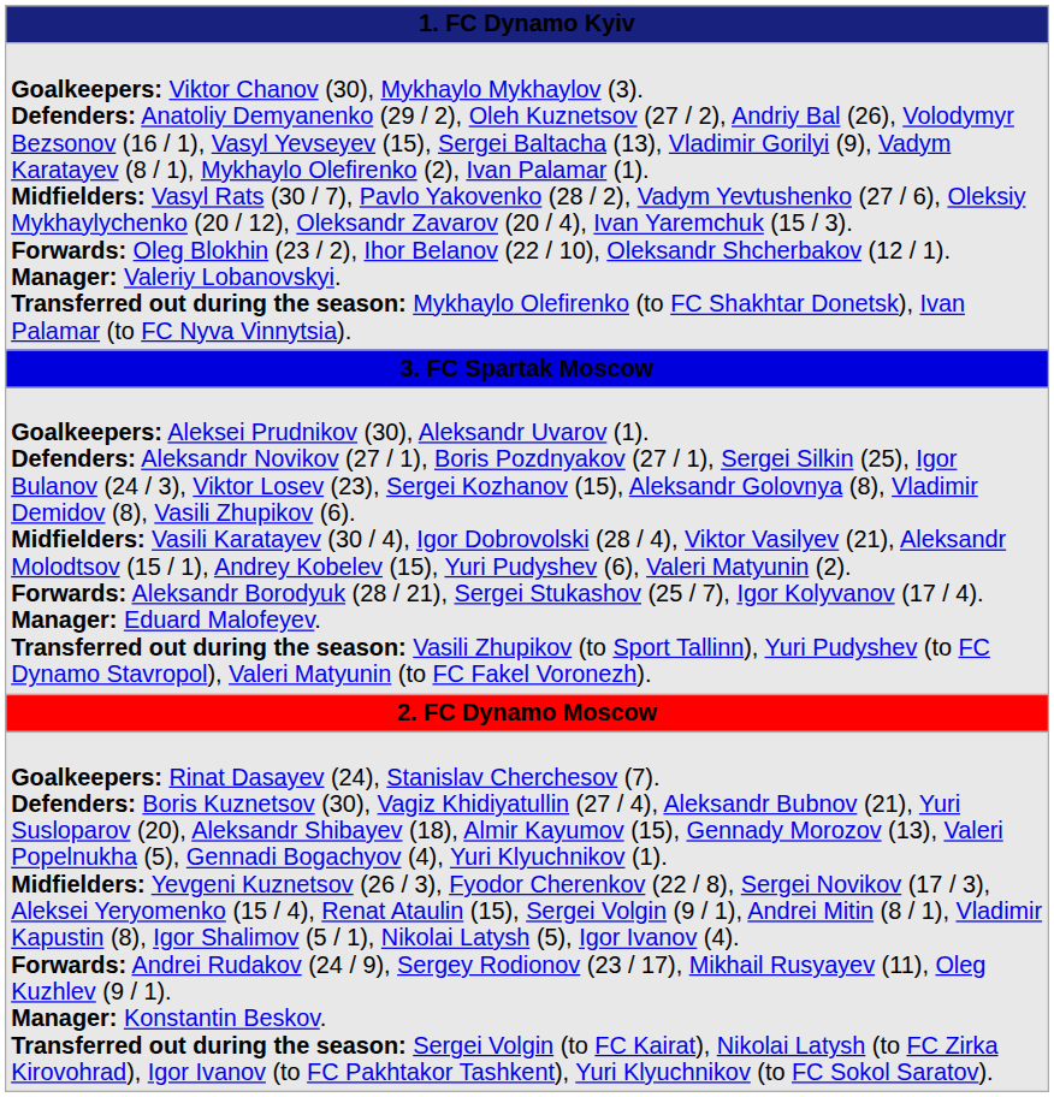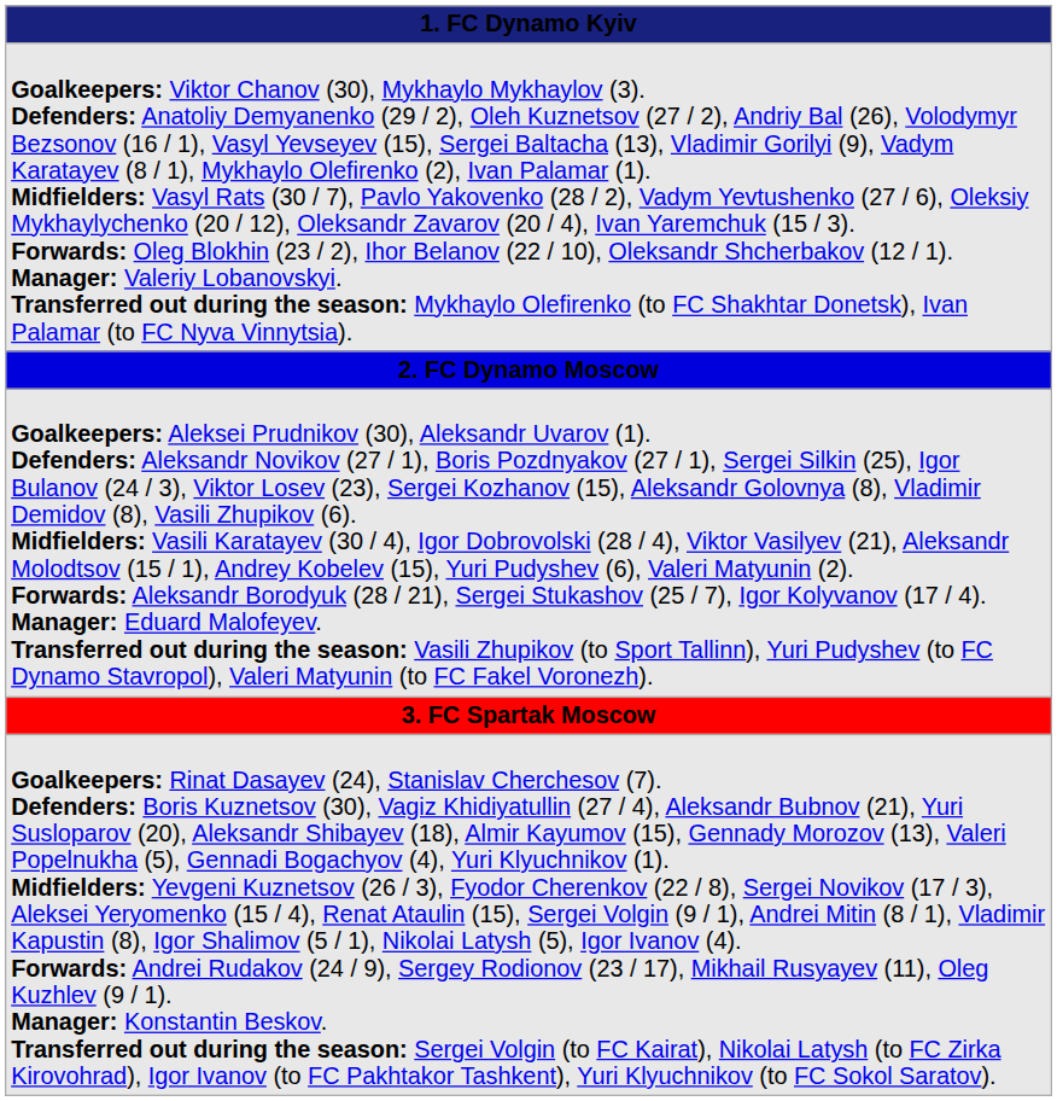 <table class="wikitable" Width="700">
 <tr bgcolor="#19217F">
 <td align="center" width="700"><span> <strong>1. FC Dynamo Kyiv</strong> </span></td>
 </tr>
 <tr bgcolor="#E8E8E8">
 <td align="left" width="700"><br><strong>Goalkeepers:</strong> <a href='#'>Viktor Chanov</a> (30), <a href='#'>Mykhaylo Mykhaylov</a> (3).<br> <strong>Defenders:</strong> <a href='#'>Anatoliy Demyanenko</a> (29 / 2), <a href='#'>Oleh Kuznetsov</a> (27 / 2), <a href='#'>Andriy Bal</a> (26), <a href='#'>Volodymyr Bezsonov</a> (16 / 1), <a href='#'>Vasyl Yevseyev</a> (15), <a href='#'>Sergei Baltacha</a> (13), <a href='#'>Vladimir Gorilyi</a> (9), <a href='#'>Vadym Karatayev</a> (8 / 1), <a href='#'>Mykhaylo Olefirenko</a> (2), <a href='#'>Ivan Palamar</a> (1).<br> <strong>Midfielders:</strong> <a href='#'>Vasyl Rats</a> (30 / 7), <a href='#'>Pavlo Yakovenko</a> (28 / 2), <a href='#'>Vadym Yevtushenko</a> (27 / 6), <a href='#'>Oleksiy Mykhaylychenko</a> (20 / 12), <a href='#'>Oleksandr Zavarov</a> (20 / 4), <a href='#'>Ivan Yaremchuk</a> (15 / 3).<br> <strong>Forwards:</strong> <a href='#'>Oleg Blokhin</a> (23 / 2), <a href='#'>Ihor Belanov</a> (22 / 10), <a href='#'>Oleksandr Shcherbakov</a> (12 / 1).<br><strong>Manager:</strong> <a href='#'>Valeriy Lobanovskyi</a>.<br><strong>Transferred out during the season:</strong> <a href='#'>Mykhaylo Olefirenko</a> (to <a href='#'>FC Shakhtar Donetsk</a>), <a href='#'>Ivan Palamar</a> (to <a href='#'>FC Nyva Vinnytsia</a>).</td>
 </tr>
 <tr bgcolor="#0000DD">
-<td align="center" width="700"><span> <strong>3. FC Spartak Moscow</strong> </span></td>
+<td align="center" width="700"><span> <strong>2. FC Dynamo Moscow</strong> </span></td>
 </tr>
 <tr bgcolor="#E8E8E8">
 <td align="left" width="700"><br><strong>Goalkeepers:</strong> <a href='#'>Aleksei Prudnikov</a> (30), <a href='#'>Aleksandr Uvarov</a> (1).<br> <strong>Defenders:</strong> <a href='#'>Aleksandr Novikov</a> (27 / 1), <a href='#'>Boris Pozdnyakov</a> (27 / 1), <a href='#'>Sergei Silkin</a> (25), <a href='#'>Igor Bulanov</a> (24 / 3), <a href='#'>Viktor Losev</a> (23), <a href='#'>Sergei Kozhanov</a> (15), <a href='#'>Aleksandr Golovnya</a> (8), <a href='#'>Vladimir Demidov</a> (8), <a href='#'>Vasili Zhupikov</a> (6).<br> <strong>Midfielders:</strong> <a href='#'>Vasili Karatayev</a> (30 / 4), <a href='#'>Igor Dobrovolski</a> (28 / 4), <a href='#'>Viktor Vasilyev</a> (21), <a href='#'>Aleksandr Molodtsov</a> (15 / 1), <a href='#'>Andrey Kobelev</a> (15), <a href='#'>Yuri Pudyshev</a> (6), <a href='#'>Valeri Matyunin</a> (2).<br> <strong>Forwards:</strong> <a href='#'>Aleksandr Borodyuk</a> (28 / 21), <a href='#'>Sergei Stukashov</a> (25 / 7), <a href='#'>Igor Kolyvanov</a> (17 / 4).<br><strong>Manager:</strong> <a href='#'>Eduard Malofeyev</a>.<br><strong>Transferred out during the season:</strong> <a href='#'>Vasili Zhupikov</a> (to <a href='#'>Sport Tallinn</a>), <a href='#'>Yuri Pudyshev</a> (to <a href='#'>FC Dynamo Stavropol</a>), <a href='#'>Valeri Matyunin</a> (to <a href='#'>FC Fakel Voronezh</a>).</td>
 </tr>
 <tr bgcolor="#FF0000">
-<td align="center" width="700"><span> <strong>2. FC Dynamo Moscow</strong> </span></td>
+<td align="center" width="700"><span> <strong>3. FC Spartak Moscow</strong> </span></td>
 </tr>
 <tr bgcolor="#E8E8E8">
 <td align="left" width="700"><br><strong>Goalkeepers:</strong> <a href='#'>Rinat Dasayev</a> (24), <a href='#'>Stanislav Cherchesov</a> (7).<br> <strong>Defenders:</strong> <a href='#'>Boris Kuznetsov</a> (30), <a href='#'>Vagiz Khidiyatullin</a> (27 / 4), <a href='#'>Aleksandr Bubnov</a> (21), <a href='#'>Yuri Susloparov</a> (20), <a href='#'>Aleksandr Shibayev</a> (18), <a href='#'>Almir Kayumov</a> (15), <a href='#'>Gennady Morozov</a> (13), <a href='#'>Valeri Popelnukha</a> (5), <a href='#'>Gennadi Bogachyov</a> (4), <a href='#'>Yuri Klyuchnikov</a> (1).<br> <strong>Midfielders:</strong> <a href='#'>Yevgeni Kuznetsov</a> (26 / 3), <a href='#'>Fyodor Cherenkov</a> (22 / 8), <a href='#'>Sergei Novikov</a> (17 / 3), <a href='#'>Aleksei Yeryomenko</a> (15 / 4), <a href='#'>Renat Ataulin</a> (15), <a href='#'>Sergei Volgin</a> (9 / 1), <a href='#'>Andrei Mitin</a> (8 / 1), <a href='#'>Vladimir Kapustin</a> (8), <a href='#'>Igor Shalimov</a> (5 / 1), <a href='#'>Nikolai Latysh</a> (5), <a href='#'>Igor Ivanov</a> (4).<br> <strong>Forwards:</strong> <a href='#'>Andrei Rudakov</a> (24 / 9), <a href='#'>Sergey Rodionov</a> (23 / 17), <a href='#'>Mikhail Rusyayev</a> (11), <a href='#'>Oleg Kuzhlev</a> (9 / 1).<br><strong>Manager:</strong> <a href='#'>Konstantin Beskov</a>.<br><strong>Transferred out during the season:</strong> <a href='#'>Sergei Volgin</a> (to <a href='#'>FC Kairat</a>), <a href='#'>Nikolai Latysh</a> (to <a href='#'>FC Zirka Kirovohrad</a>), <a href='#'>Igor Ivanov</a> (to <a href='#'>FC Pakhtakor Tashkent</a>), <a href='#'>Yuri Klyuchnikov</a> (to <a href='#'>FC Sokol Saratov</a>).</td>
 </tr>
 </table>
